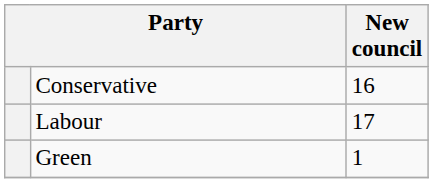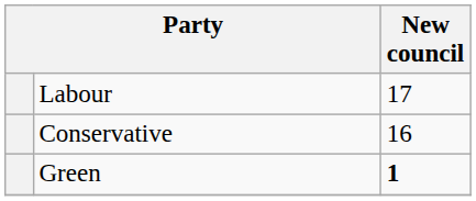 <table class="wikitable">
 <tr>
 <th colspan="2" valign="top" style="width: 230px">Party</th>
 <th valign="top" style="width: 30px">New council</th>
+</tr>
+<tr>
+<th style="background-color: "></th>
+<td>Labour</td>
+<td>17</td>
 </tr>
 <tr>
 <th style="background-color: "></th>
 <td>Conservative</td>
 <td>16</td>
 </tr>
 <tr>
 <th style="background-color: "></th>
-<td>Labour</td>
-<td>17</td>
-</tr>
-<tr>
-<th style="background-color: "></th>
 <td>Green</td>
-<td>1</td>
+<td><strong>1</strong></td>
 </tr>
 <tr>
 </tr>
 </table>
